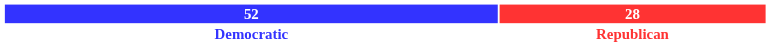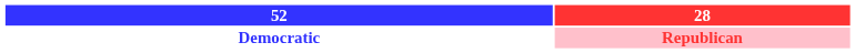 <table style="width:65%">
 <tr>
 <td scope="row" colspan="4" style="text-align:center"></td>
 </tr>
 <tr>
 <td scope="row" style="background:#33F; width:65%; text-align:center; color:white"><strong>52</strong></td>
 <td style="background:#F33; width:35%; text-align:center; color:white"><strong>28</strong></td>
 </tr>
 <tr>
 <td scope="row" style="text-align:center; color:#33F"><strong>Democratic</strong></td>
-<td style="text-align:center; color:#F33"><strong>Republican</strong></td>
+<td style="background: pink; text-align:center; color:#F33"><strong>Republican</strong></td>
 </tr>
 </table>
